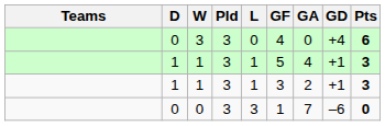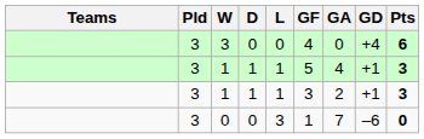 <table class="wikitable" style="text-align: center;">
 <tr>
 <th width=165>Teams</th>
+<th width=20>Pld</th>
+<th width=20>W</th>
 <th width=20>D</th>
-<th width=20>W</th>
-<th width=20>Pld</th>
 <th width=20>L</th>
 <th width=20>GF</th>
 <th width=20>GA</th>
 <th width=20>GD</th>
 <th width=20>Pts</th>
 </tr>
 <tr align=center style="background:#ccffcc;">
 <td style="text-align:left;"></td>
-<td>0</td>
 <td>3</td>
 <td>3</td>
+<td>0</td>
 <td>0</td>
 <td>4</td>
 <td>0</td>
 <td>+4</td>
 <td><strong>6</strong></td>
 </tr>
 <tr align=center style="background:#ccffcc;">
 <td style="text-align:left;"></td>
+<td>3</td>
 <td>1</td>
 <td>1</td>
-<td>3</td>
 <td>1</td>
 <td>5</td>
 <td>4</td>
 <td>+1</td>
 <td><strong>3</strong></td>
 </tr>
 <tr align=center>
 <td style="text-align:left;"></td>
+<td>3</td>
 <td>1</td>
 <td>1</td>
-<td>3</td>
 <td>1</td>
 <td>3</td>
 <td>2</td>
 <td>+1</td>
 <td><strong>3</strong></td>
 </tr>
 <tr align=center>
 <td style="text-align:left;"></td>
+<td>3</td>
 <td>0</td>
 <td>0</td>
-<td>3</td>
 <td>3</td>
 <td>1</td>
 <td>7</td>
 <td>–6</td>
 <td><strong>0</strong></td>
 </tr>
 </table>
